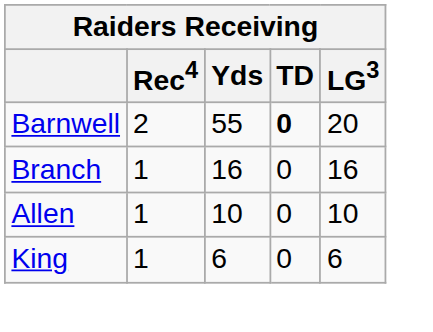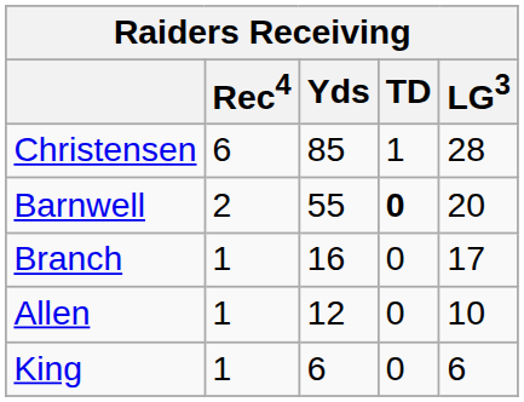 <table class="wikitable">
 <tr>
 <th colspan="5">Raiders Receiving</th>
 </tr>
 <tr>
 <th></th>
 <th>Rec<sup>4</sup></th>
 <th>Yds</th>
 <th>TD</th>
 <th>LG<sup>3</sup></th>
+</tr>
+<tr>
+<td><a href='#'>Christensen</a></td>
+<td>6</td>
+<td>85</td>
+<td>1</td>
+<td>28</td>
 </tr>
 <tr>
 <td><a href='#'>Barnwell</a></td>
 <td>2</td>
 <td>55</td>
 <td><strong>0</strong></td>
 <td>20</td>
 </tr>
 <tr>
 <td><a href='#'>Branch</a></td>
 <td>1</td>
 <td>16</td>
 <td>0</td>
-<td>16</td>
+<td>17</td>
 </tr>
 <tr>
 <td><a href='#'>Allen</a></td>
 <td>1</td>
-<td>10</td>
+<td>12</td>
 <td>0</td>
 <td>10</td>
 </tr>
 <tr>
 <td><a href='#'>King</a></td>
 <td>1</td>
 <td>6</td>
 <td>0</td>
 <td>6</td>
 </tr>
 </table>
